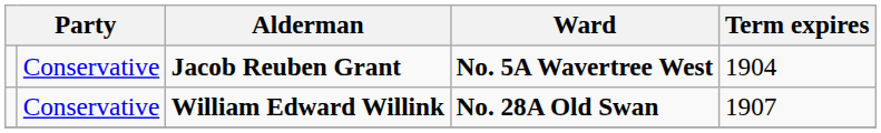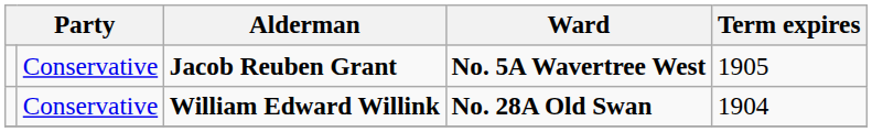 <table class="wikitable">
 <tr>
 <th colspan="2">Party</th>
 <th>Alderman</th>
 <th>Ward</th>
 <th>Term expires</th>
 </tr>
 <tr>
 <td style="background-color:"></td>
 <td><a href='#'>Conservative</a></td>
 <td><strong>Jacob Reuben Grant</strong></td>
 <td><strong>No. 5A Wavertree West</strong></td>
-<td>1904</td>
+<td>1905</td>
 </tr>
 <tr>
 <td style="background-color:"></td>
 <td><a href='#'>Conservative</a></td>
 <td><strong>William Edward Willink</strong></td>
 <td><strong>No. 28A Old Swan</strong></td>
-<td>1907</td>
+<td>1904</td>
 </tr>
 <tr>
 </tr>
 </table>
